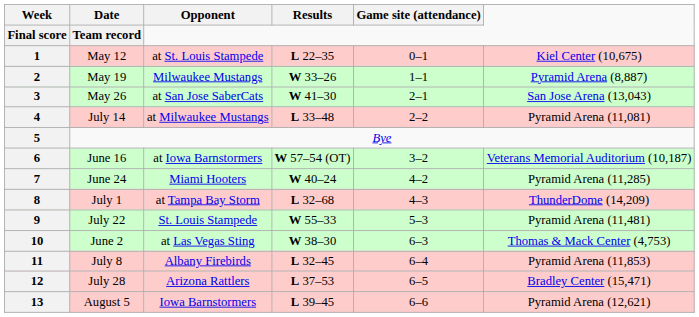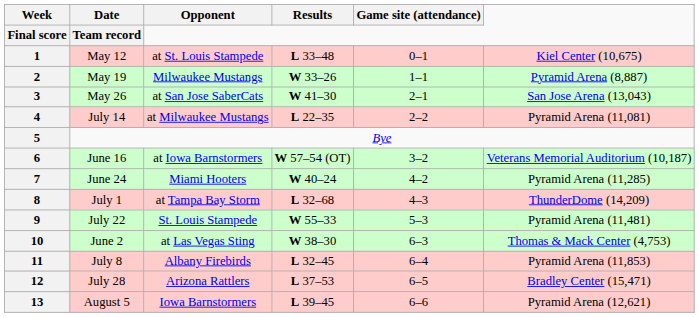 <table class="wikitable" style="font-size: 92%;" "align=center">
 <tr>
 <th>Week</th>
 <th>Date</th>
 <th>Opponent</th>
 <th>Results</th>
 <th>Game site (attendance)</th>
 </tr>
 <tr>
 <th>Final score</th>
 <th>Team record</th>
 </tr>
 <tr style="background:#fcc">
 <th>1</th>
 <td style="text-align:center;">May 12</td>
 <td style="text-align:center;">at <a href='#'>St. Louis Stampede</a></td>
-<td style="text-align:center;"><strong>L</strong> 22–35</td>
+<td style="text-align:center;"><strong>L</strong> 33–48</td>
 <td style="text-align:center;">0–1</td>
 <td style="text-align:center;"><a href='#'>Kiel Center</a> (10,675)</td>
 </tr>
 <tr style="background:#cfc">
 <th>2</th>
 <td style="text-align:center;">May 19</td>
 <td style="text-align:center;"><a href='#'>Milwaukee Mustangs</a></td>
 <td style="text-align:center;"><strong>W</strong> 33–26</td>
 <td style="text-align:center;">1–1</td>
 <td style="text-align:center;"><a href='#'>Pyramid Arena</a> (8,887)</td>
 </tr>
 <tr style="background:#cfc">
 <th>3</th>
 <td style="text-align:center;">May 26</td>
 <td style="text-align:center;">at <a href='#'>San Jose SaberCats</a></td>
 <td style="text-align:center;"><strong>W</strong> 41–30</td>
 <td style="text-align:center;">2–1</td>
 <td style="text-align:center;"><a href='#'>San Jose Arena</a> (13,043)</td>
 </tr>
 <tr style="background:#fcc">
 <th>4</th>
 <td style="text-align:center;">July 14</td>
 <td style="text-align:center;">at <a href='#'>Milwaukee Mustangs</a></td>
-<td style="text-align:center;"><strong>L</strong> 33–48</td>
+<td style="text-align:center;"><strong>L</strong> 22–35</td>
 <td style="text-align:center;">2–2</td>
 <td style="text-align:center;">Pyramid Arena (11,081)</td>
 </tr>
 <tr style=>
 <th>5</th>
 <td colspan="8" style="text-align:center;"><em><a href='#'>Bye</a></em></td>
 </tr>
 <tr style="background:#cfc">
 <th>6</th>
 <td style="text-align:center;">June 16</td>
 <td style="text-align:center;">at <a href='#'>Iowa Barnstormers</a></td>
 <td style="text-align:center;"><strong>W</strong> 57–54 (OT)</td>
 <td style="text-align:center;">3–2</td>
 <td style="text-align:center;"><a href='#'>Veterans Memorial Auditorium</a> (10,187)</td>
 </tr>
 <tr style="background:#cfc">
 <th>7</th>
 <td style="text-align:center;">June 24</td>
 <td style="text-align:center;"><a href='#'>Miami Hooters</a></td>
 <td style="text-align:center;"><strong>W</strong> 40–24</td>
 <td style="text-align:center;">4–2</td>
 <td style="text-align:center;">Pyramid Arena (11,285)</td>
 </tr>
 <tr style="background:#fcc">
 <th>8</th>
 <td style="text-align:center;">July 1</td>
 <td style="text-align:center;">at <a href='#'>Tampa Bay Storm</a></td>
 <td style="text-align:center;"><strong>L</strong> 32–68</td>
 <td style="text-align:center;">4–3</td>
 <td style="text-align:center;"><a href='#'>ThunderDome</a> (14,209)</td>
 </tr>
 <tr style="background:#cfc">
 <th>9</th>
 <td style="text-align:center;">July 22</td>
 <td style="text-align:center;"><a href='#'>St. Louis Stampede</a></td>
 <td style="text-align:center;"><strong>W</strong> 55–33</td>
 <td style="text-align:center;">5–3</td>
 <td style="text-align:center;">Pyramid Arena (11,481)</td>
 </tr>
 <tr style="background:#cfc">
 <th>10</th>
 <td style="text-align:center;">June 2</td>
 <td style="text-align:center;">at <a href='#'>Las Vegas Sting</a></td>
 <td style="text-align:center;"><strong>W</strong> 38–30</td>
 <td style="text-align:center;">6–3</td>
 <td style="text-align:center;"><a href='#'>Thomas & Mack Center</a> (4,753)</td>
 </tr>
 <tr style="background:#fcc">
 <th>11</th>
 <td style="text-align:center;">July 8</td>
 <td style="text-align:center;"><a href='#'>Albany Firebirds</a></td>
 <td style="text-align:center;"><strong>L</strong> 32–45</td>
 <td style="text-align:center;">6–4</td>
 <td style="text-align:center;">Pyramid Arena (11,853)</td>
 </tr>
 <tr style="background:#fcc">
 <th>12</th>
 <td style="text-align:center;">July 28</td>
 <td style="text-align:center;"><a href='#'>Arizona Rattlers</a></td>
 <td style="text-align:center;"><strong>L</strong> 37–53</td>
 <td style="text-align:center;">6–5</td>
 <td style="text-align:center;"><a href='#'>Bradley Center</a> (15,471)</td>
 </tr>
 <tr style="background:#fcc">
 <th>13</th>
 <td style="text-align:center;">August 5</td>
 <td style="text-align:center;"><a href='#'>Iowa Barnstormers</a></td>
 <td style="text-align:center;"><strong>L</strong> 39–45</td>
 <td style="text-align:center;">6–6</td>
 <td style="text-align:center;">Pyramid Arena (12,621)</td>
 </tr>
 </table>
